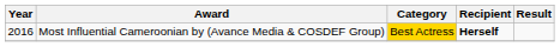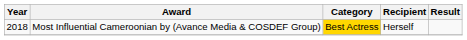 <table class="wikitable plainrowheaders sortable">
 <tr>
 <th>Year</th>
 <th>Award</th>
 <th>Category</th>
 <th>Recipient</th>
 <th>Result</th>
 </tr>
 <tr>
-<td>2016</td>
+<td>2018</td>
 <td>Most Influential Cameroonian by (Avance Media & COSDEF Group)</td>
 <td style="background: gold;">Best Actress</td>
-<td><strong>Herself</strong></td>
+<td>Herself</td>
 <td></td>
 </tr>
 <tr>
 </tr>
 </table>
